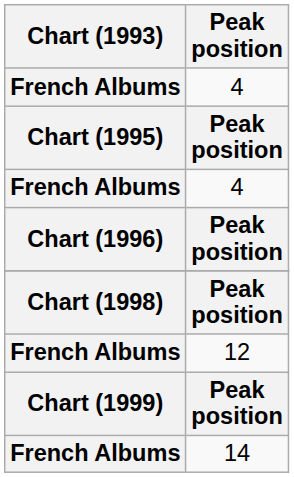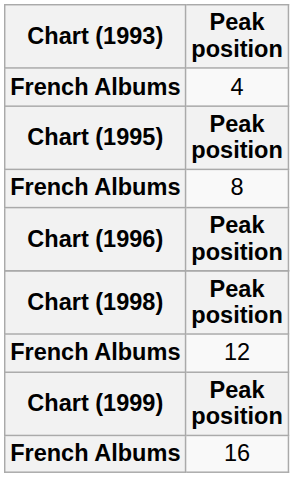 <table class="wikitable unsortable plainrowheaders" style="text-align:center">
 <tr>
 <th scope="col">Chart (1993)</th>
 <th scope="col">Peak<br>position</th>
 </tr>
 <tr>
 <th scope="row">French Albums</th>
 <td align="center">4</td>
 </tr>
 <tr>
 <th scope="col">Chart (1995)</th>
 <th scope="col">Peak<br>position</th>
 </tr>
 <tr>
 <th scope="row">French Albums</th>
-<td align="center">4</td>
+<td align="center">8</td>
 </tr>
 <tr>
 <th scope="col">Chart (1996)</th>
 <th scope="col">Peak<br>position</th>
 </tr>
 <tr>
 </tr>
 <tr>
 </tr>
 <tr>
 <th scope="col">Chart (1998)</th>
 <th scope="col">Peak<br>position</th>
 </tr>
 <tr>
 <th scope="row">French Albums</th>
 <td align="center">12</td>
 </tr>
 <tr>
 <th scope="col">Chart (1999)</th>
 <th scope="col">Peak<br>position</th>
 </tr>
 <tr>
 <th scope="row">French Albums</th>
-<td align="center">14</td>
+<td align="center">16</td>
 </tr>
 </table>
